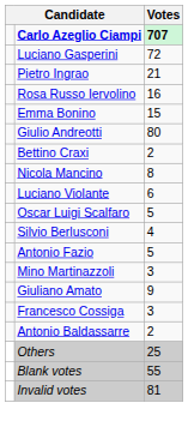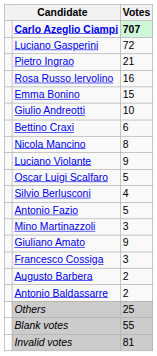 <table class="wikitable" style="font-size: align=left|">
 <tr>
 <th colspan=2>Candidate</th>
 <th>Votes</th>
 </tr>
 <tr>
 <td bgcolor=> </td>
 <td><strong><a href='#'>Carlo Azeglio Ciampi</a></strong></td>
 <td bgcolor=#CEF6D8><strong>707</strong></td>
 </tr>
 <tr>
 <td bgcolor=> </td>
 <td><a href='#'>Luciano Gasperini</a></td>
 <td>72</td>
 </tr>
 <tr>
 <td bgcolor=> </td>
 <td><a href='#'>Pietro Ingrao</a></td>
 <td>21</td>
 </tr>
 <tr>
 <td bgcolor=> </td>
 <td><a href='#'>Rosa Russo Iervolino</a></td>
 <td>16</td>
 </tr>
 <tr>
 <td bgcolor=> </td>
 <td><a href='#'>Emma Bonino</a></td>
 <td>15</td>
 </tr>
 <tr>
 <td bgcolor=> </td>
 <td><a href='#'>Giulio Andreotti</a></td>
-<td>80</td>
+<td>10</td>
 </tr>
 <tr>
 <td bgcolor=> </td>
 <td><a href='#'>Bettino Craxi</a></td>
-<td>2</td>
+<td>6</td>
 </tr>
 <tr>
 <td bgcolor=> </td>
 <td><a href='#'>Nicola Mancino</a></td>
 <td>8</td>
 </tr>
 <tr>
 <td bgcolor=> </td>
 <td><a href='#'>Luciano Violante</a></td>
-<td>6</td>
+<td>9</td>
 </tr>
 <tr>
 <td bgcolor=> </td>
 <td><a href='#'>Oscar Luigi Scalfaro</a></td>
 <td>5</td>
 </tr>
 <tr>
 <td bgcolor=> </td>
 <td><a href='#'>Silvio Berlusconi</a></td>
 <td>4</td>
 </tr>
 <tr>
 <td bgcolor=> </td>
 <td><a href='#'>Antonio Fazio</a></td>
 <td>5</td>
 </tr>
 <tr>
 <td bgcolor=> </td>
 <td><a href='#'>Mino Martinazzoli</a></td>
 <td>3</td>
 </tr>
 <tr>
 <td bgcolor=> </td>
 <td><a href='#'>Giuliano Amato</a></td>
 <td>9</td>
 </tr>
 <tr>
 <td bgcolor=> </td>
 <td><a href='#'>Francesco Cossiga</a></td>
 <td>3</td>
 </tr>
 <tr>
 <td bgcolor=> </td>
+<td><a href='#'>Augusto Barbera</a></td>
+<td>2</td>
+</tr>
+<tr>
+<td bgcolor=> </td>
 <td><a href='#'>Antonio Baldassarre</a></td>
 <td>2</td>
 </tr>
 <tr>
 <td bgcolor="white"> </td>
 <td bgcolor=#CCCCCC><em>Others</em></td>
 <td bgcolor=#CCCCCC>25</td>
 </tr>
 <tr>
 <td bgcolor="white"> </td>
 <td bgcolor=#CCCCCC><em>Blank votes</em></td>
 <td bgcolor=#CCCCCC>55</td>
 </tr>
 <tr>
 <td bgcolor="white"> </td>
 <td bgcolor=#CCCCCC><em>Invalid votes</em></td>
 <td bgcolor=#CCCCCC>81</td>
 </tr>
 </table>
